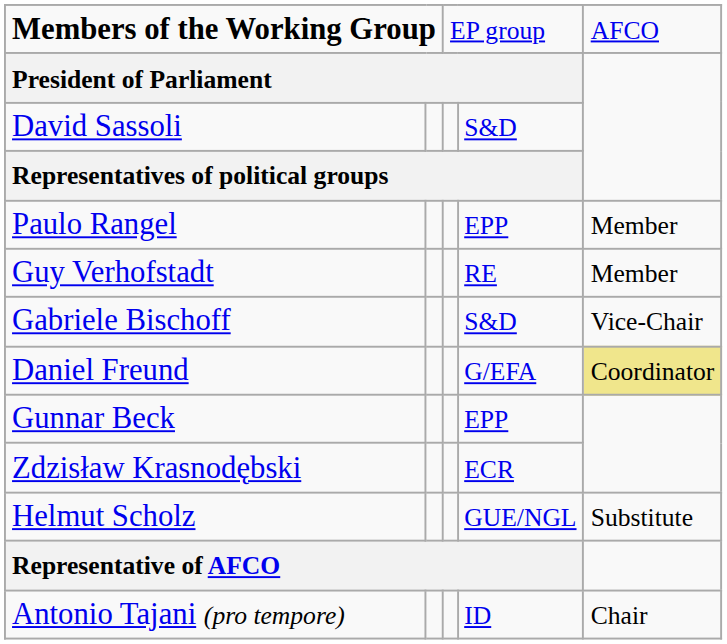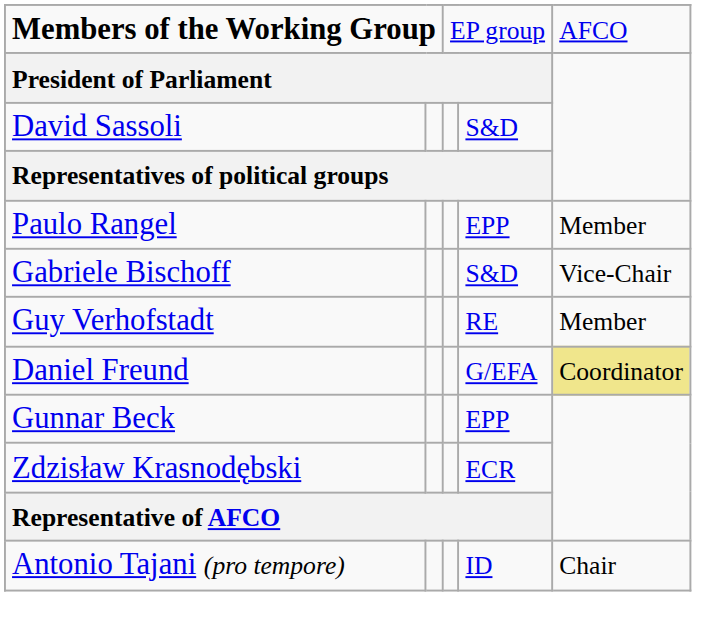 <table class="wikitable">
 <tr>
 <td colspan="2"><strong>Members of the Working Group</strong> </td>
 <td colspan="2"><small><a href='#'>EP group</a></small></td>
 <td><small><a href='#'>AFCO</a></small></td>
 </tr>
 <tr>
 <th colspan="4" style="text-align:left;"><small>President of Parliament</small></th>
 </tr>
 <tr>
 <td><a href='#'>David Sassoli</a></td>
 <td><small></small></td>
 <td style="background-color:"></td>
 <td><small><a href='#'>S&D</a></small></td>
 </tr>
 <tr>
 <th colspan="4" style="text-align:left;"><small>Representatives of political groups</small></th>
 </tr>
 <tr>
 <td><a href='#'>Paulo Rangel</a></td>
 <td><small></small></td>
 <td style="background-color:"></td>
 <td><small><a href='#'>EPP</a></small></td>
 <td><small>Member</small></td>
 </tr>
 <tr>
+<td><a href='#'>Gabriele Bischoff</a></td>
+<td><small></small></td>
+<td style="background-color:"></td>
+<td><small><a href='#'>S&D</a></small></td>
+<td><small>Vice-Chair</small></td>
+</tr>
+<tr>
 <td><a href='#'>Guy Verhofstadt</a></td>
 <td><small></small></td>
 <td style="background-color:"></td>
 <td><small><a href='#'>RE</a></small></td>
 <td><small>Member</small></td>
-</tr>
-<tr>
-<td><a href='#'>Gabriele Bischoff</a></td>
-<td><small></small></td>
-<td style="background-color:"></td>
-<td><small><a href='#'>S&D</a></small></td>
-<td><small>Vice-Chair</small></td>
 </tr>
 <tr>
 <td><a href='#'>Daniel Freund</a></td>
 <td><small></small></td>
 <td style="background-color:"></td>
 <td><small><a href='#'>G/EFA</a></small></td>
 <td style="background: khaki;"><small>Coordinator</small></td>
 </tr>
 <tr>
 <td><a href='#'>Gunnar Beck</a></td>
 <td><small></small></td>
 <td style="background-color:"></td>
 <td><small><a href='#'>EPP</a></small></td>
 </tr>
 <tr>
 <td><a href='#'>Zdzisław Krasnodębski</a></td>
 <td><small></small></td>
 <td style="background-color:"></td>
 <td><small><a href='#'>ECR</a></small></td>
 </tr>
 <tr>
-<td><a href='#'>Helmut Scholz</a></td>
-<td><small></small></td>
-<td style="background-color:"></td>
-<td><small><a href='#'>GUE/NGL</a></small></td>
-<td><small>Substitute</small></td>
-</tr>
-<tr>
 <th colspan="4" style="text-align:left;"><small>Representative of <a href='#'>AFCO</a></small></th>
 </tr>
 <tr>
 <td><a href='#'>Antonio Tajani</a> <small><em>(pro tempore</em><em>)</em></small></td>
 <td><small></small></td>
 <td style="background-color:"></td>
 <td><small><a href='#'>ID</a></small></td>
 <td><small>Chair</small></td>
 </tr>
 </table>
